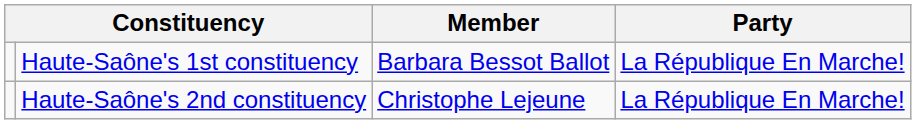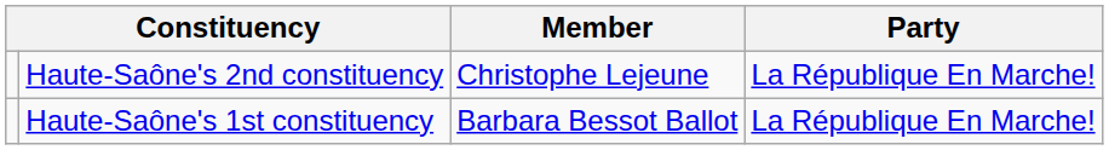 <table class="wikitable">
 <tr>
 <th colspan="2">Constituency</th>
 <th>Member</th>
 <th>Party</th>
 </tr>
 <tr>
 <td style="background-color: "></td>
+<td><a href='#'>Haute-Saône's 2nd constituency</a></td>
+<td><a href='#'>Christophe Lejeune</a></td>
+<td><a href='#'>La République En Marche!</a></td>
+</tr>
+<tr>
+<td style="background-color: "></td>
 <td><a href='#'>Haute-Saône's 1st constituency</a></td>
 <td><a href='#'>Barbara Bessot Ballot</a></td>
 <td><a href='#'>La République En Marche!</a></td>
 </tr>
-<tr>
-<td style="background-color: "></td>
-<td><a href='#'>Haute-Saône's 2nd constituency</a></td>
-<td><a href='#'>Christophe Lejeune</a></td>
-<td><a href='#'>La République En Marche!</a></td>
-</tr>
 </table>
